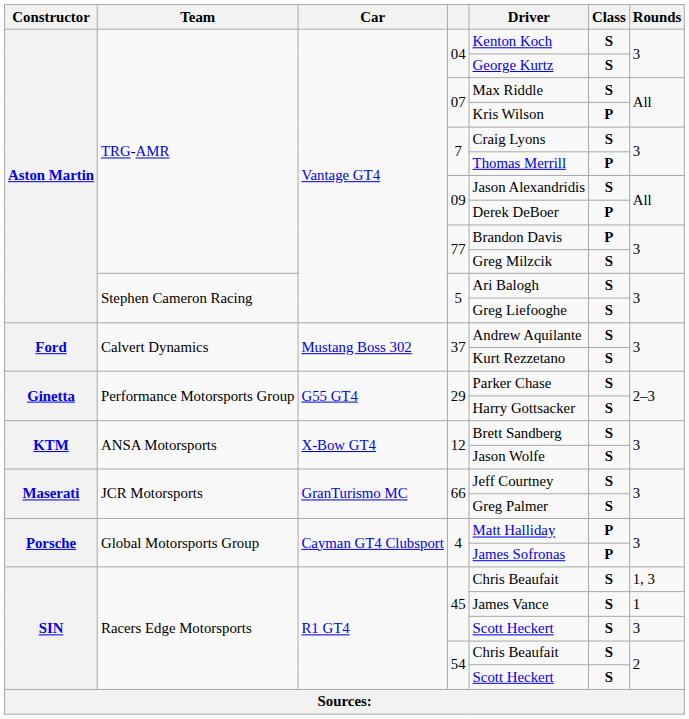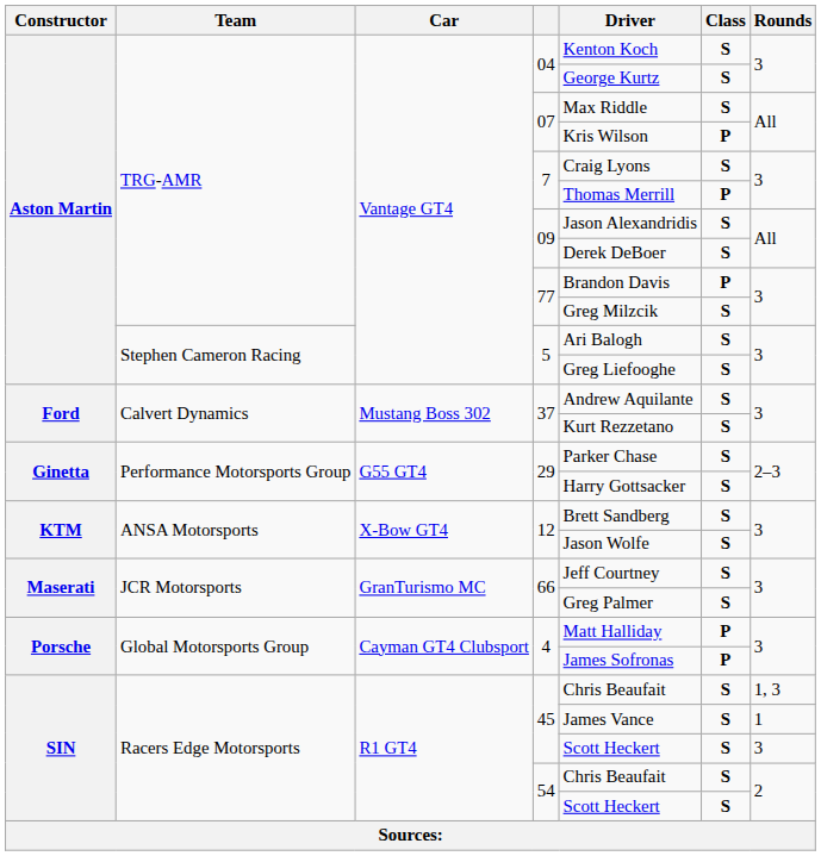 <table class="wikitable" style="font-size: 90%; max-width: 950px">
 <tr>
 <th>Constructor</th>
 <th>Team</th>
 <th>Car</th>
 <th></th>
 <th>Driver</th>
 <th>Class</th>
 <th>Rounds</th>
 </tr>
 <tr>
 <th rowspan=12><a href='#'>Aston Martin</a></th>
 <td rowspan=10><a href='#'>TRG</a>-<a href='#'>AMR</a></td>
 <td rowspan=12><a href='#'>Vantage GT4</a></td>
 <td rowspan=2 align=center>04</td>
 <td> <a href='#'>Kenton Koch</a></td>
 <td align=center><strong><span>S</span></strong></td>
 <td rowspan=2>3</td>
 </tr>
 <tr>
 <td> <a href='#'>George Kurtz</a></td>
 <td align=center><strong><span>S</span></strong></td>
 </tr>
 <tr>
 <td rowspan=2 align=center>07</td>
 <td> Max Riddle</td>
 <td align=center><strong><span>S</span></strong></td>
 <td rowspan=2>All</td>
 </tr>
 <tr>
 <td> Kris Wilson</td>
 <td align=center><strong><span>P</span></strong></td>
 </tr>
 <tr>
 <td rowspan=2 align=center>7</td>
 <td> Craig Lyons</td>
 <td align=center><strong><span>S</span></strong></td>
 <td rowspan=2>3</td>
 </tr>
 <tr>
 <td> <a href='#'>Thomas Merrill</a></td>
 <td align=center><strong><span>P</span></strong></td>
 </tr>
 <tr>
 <td rowspan=2 align=center>09</td>
 <td> Jason Alexandridis</td>
 <td align=center><strong><span>S</span></strong></td>
 <td rowspan=2>All</td>
 </tr>
 <tr>
 <td> Derek DeBoer</td>
-<td align=center><strong><span>P</span></strong></td>
+<td align=center><strong><span>S</span></strong></td>
 </tr>
 <tr>
 <td rowspan=2 align=center>77</td>
 <td> Brandon Davis</td>
 <td align=center><strong><span>P</span></strong></td>
 <td rowspan=2>3</td>
 </tr>
 <tr>
 <td> Greg Milzcik</td>
 <td align=center><strong><span>S</span></strong></td>
 </tr>
 <tr>
 <td rowspan=2>Stephen Cameron Racing</td>
 <td rowspan=2 align=center>5</td>
 <td> Ari Balogh</td>
 <td align=center><strong><span>S</span></strong></td>
 <td rowspan=2>3</td>
 </tr>
 <tr>
 <td> Greg Liefooghe</td>
 <td align=center><strong><span>S</span></strong></td>
 </tr>
 <tr>
 <th rowspan=2><a href='#'>Ford</a></th>
 <td rowspan=2>Calvert Dynamics</td>
 <td rowspan=2><a href='#'>Mustang Boss 302</a></td>
 <td rowspan=2 align=center>37</td>
 <td> Andrew Aquilante</td>
 <td align=center><strong><span>S</span></strong></td>
 <td rowspan=2>3</td>
 </tr>
 <tr>
 <td> Kurt Rezzetano</td>
 <td align=center><strong><span>S</span></strong></td>
 </tr>
 <tr>
 <th rowspan=2><a href='#'>Ginetta</a></th>
 <td rowspan=2>Performance Motorsports Group</td>
 <td rowspan=2><a href='#'>G55 GT4</a></td>
 <td rowspan=2 align=center>29</td>
 <td> Parker Chase</td>
 <td align=center><strong><span>S</span></strong></td>
 <td rowspan=2>2–3</td>
 </tr>
 <tr>
 <td> Harry Gottsacker</td>
 <td align=center><strong><span>S</span></strong></td>
 </tr>
 <tr>
 <th rowspan=2><a href='#'>KTM</a></th>
 <td rowspan=2>ANSA Motorsports</td>
 <td rowspan=2><a href='#'>X-Bow GT4</a></td>
 <td rowspan=2 align=center>12</td>
 <td> Brett Sandberg</td>
 <td align=center><strong><span>S</span></strong></td>
 <td rowspan=2>3</td>
 </tr>
 <tr>
 <td> Jason Wolfe</td>
 <td align=center><strong><span>S</span></strong></td>
 </tr>
 <tr>
 <th rowspan=2><a href='#'>Maserati</a></th>
 <td rowspan=2>JCR Motorsports</td>
 <td rowspan=2><a href='#'>GranTurismo MC</a></td>
 <td rowspan=2 align=center>66</td>
 <td> Jeff Courtney</td>
 <td align=center><strong><span>S</span></strong></td>
 <td rowspan=2>3</td>
 </tr>
 <tr>
 <td> Greg Palmer</td>
 <td align=center><strong><span>S</span></strong></td>
 </tr>
 <tr>
 <th rowspan=2><a href='#'>Porsche</a></th>
 <td rowspan=2>Global Motorsports Group</td>
 <td rowspan=2><a href='#'>Cayman GT4 Clubsport</a></td>
 <td rowspan=2 align=center>4</td>
 <td> <a href='#'>Matt Halliday</a></td>
 <td align=center><strong><span>P</span></strong></td>
 <td rowspan=2>3</td>
 </tr>
 <tr>
 <td> <a href='#'>James Sofronas</a></td>
 <td align=center><strong><span>P</span></strong></td>
 </tr>
 <tr>
 <th rowspan=5><a href='#'>SIN</a></th>
 <td rowspan=5>Racers Edge Motorsports</td>
 <td rowspan=5><a href='#'>R1 GT4</a></td>
 <td rowspan=3 align=center>45</td>
 <td> Chris Beaufait</td>
 <td align=center><strong><span>S</span></strong></td>
 <td>1, 3</td>
 </tr>
 <tr>
 <td> James Vance</td>
 <td align=center><strong><span>S</span></strong></td>
 <td>1</td>
 </tr>
 <tr>
 <td> <a href='#'>Scott Heckert</a></td>
 <td align=center><strong><span>S</span></strong></td>
 <td>3</td>
 </tr>
 <tr>
 <td rowspan=2 align=center>54</td>
 <td> Chris Beaufait</td>
 <td align=center><strong><span>S</span></strong></td>
 <td rowspan=2>2</td>
 </tr>
 <tr>
 <td> <a href='#'>Scott Heckert</a></td>
 <td align=center><strong><span>S</span></strong></td>
 </tr>
 <tr>
 <th colspan=7>Sources:</th>
 </tr>
 </table>
